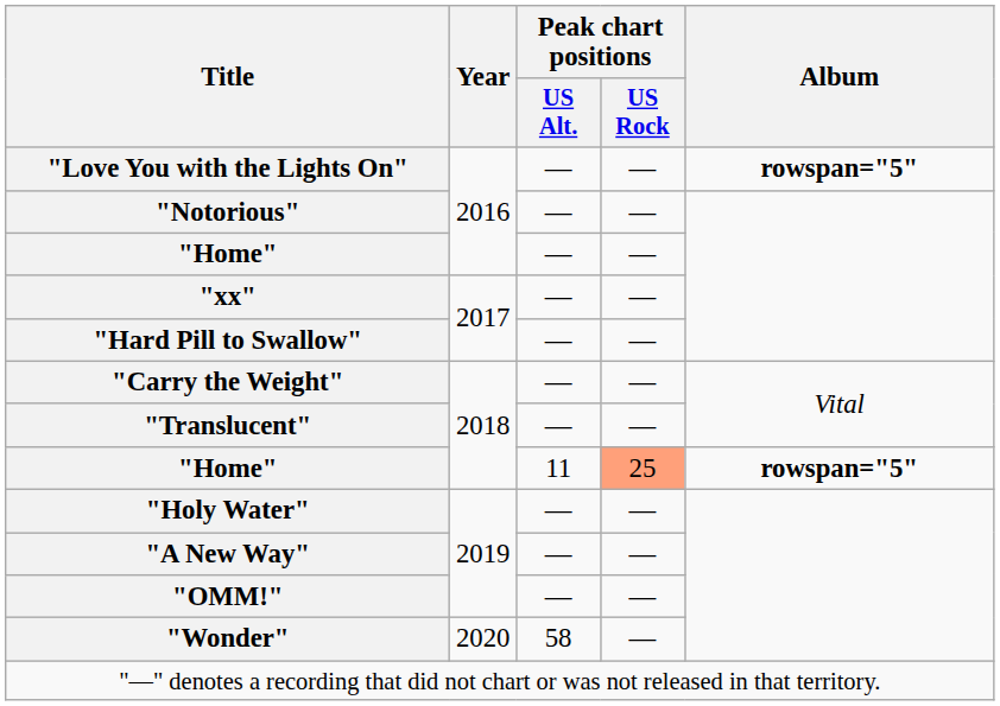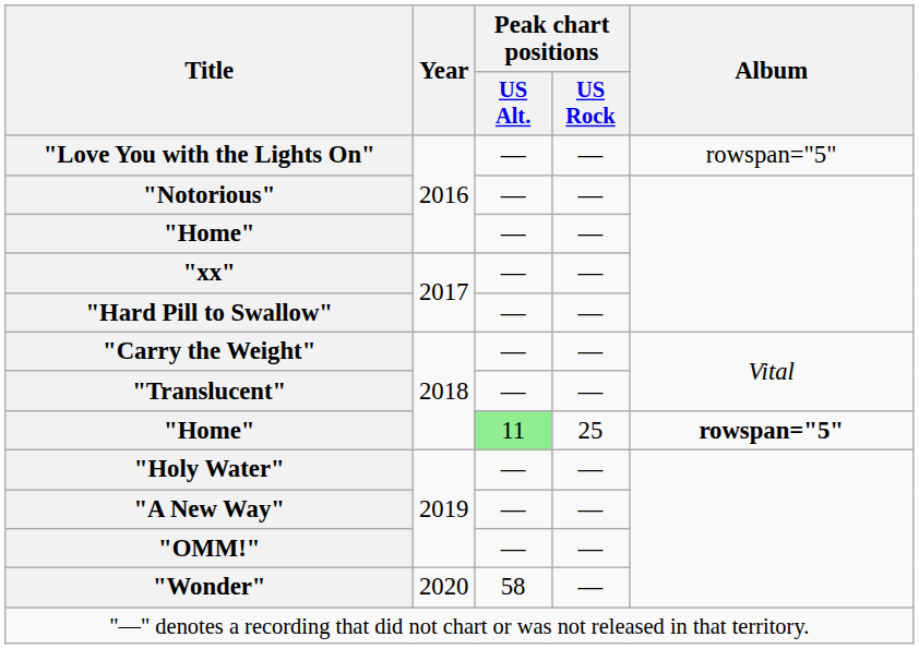 <table class="wikitable plainrowheaders" style="text-align:center;" border="1">
 <tr>
 <th scope="col" rowspan="2" style="width:16em;">Title</th>
 <th scope="col" rowspan="2" style="width:1em;">Year</th>
 <th scope="col" colspan="2">Peak chart positions</th>
 <th scope="col" rowspan="2" style="width:11em;">Album</th>
 </tr>
 <tr>
 <th scope="col" style="width:3em;font-size:90%;"><a href='#'>US<br>Alt.</a><br></th>
 <th scope="col" style="width:3em;font-size:90%;"><a href='#'>US<br>Rock</a><br></th>
 </tr>
 <tr>
 <th scope="row">"Love You with the Lights On"</th>
 <td rowspan="3">2016</td>
 <td>—</td>
 <td>—</td>
-<td><strong>rowspan="5" </strong></td>
+<td>rowspan="5" </td>
 </tr>
 <tr>
 <th scope="row">"Notorious"</th>
 <td>—</td>
 <td>—</td>
 </tr>
 <tr>
 <th scope="row">"Home"</th>
 <td>—</td>
 <td>—</td>
 </tr>
 <tr>
 <th scope="row">"xx"</th>
 <td rowspan="2">2017</td>
 <td>—</td>
 <td>—</td>
 </tr>
 <tr>
 <th scope="row">"Hard Pill to Swallow"</th>
 <td>—</td>
 <td>—</td>
 </tr>
 <tr>
 <th scope="row">"Carry the Weight"</th>
 <td rowspan="3">2018</td>
 <td>—</td>
 <td>—</td>
 <td rowspan="2"><em>Vital</em></td>
 </tr>
 <tr>
 <th scope="row">"Translucent"</th>
 <td>—</td>
 <td>—</td>
 </tr>
 <tr>
 <th scope="row">"Home"<br></th>
-<td>11</td>
-<td style="background: lightsalmon;">25</td>
+<td style="background: lightgreen;">11</td>
+<td>25</td>
 <td><strong>rowspan="5" </strong></td>
 </tr>
 <tr>
 <th scope="row">"Holy Water"</th>
 <td rowspan="3">2019</td>
 <td>—</td>
 <td>—</td>
 </tr>
 <tr>
 <th scope="row">"A New Way"</th>
 <td>—</td>
 <td>—</td>
 </tr>
 <tr>
 <th scope="row">"OMM!"</th>
 <td>—</td>
 <td>—</td>
 </tr>
 <tr>
 <th scope="row">"Wonder"</th>
 <td>2020</td>
 <td>58</td>
 <td>—</td>
 </tr>
 <tr>
 <td colspan="6" style="font-size:90%">"—" denotes a recording that did not chart or was not released in that territory.</td>
 </tr>
 </table>
